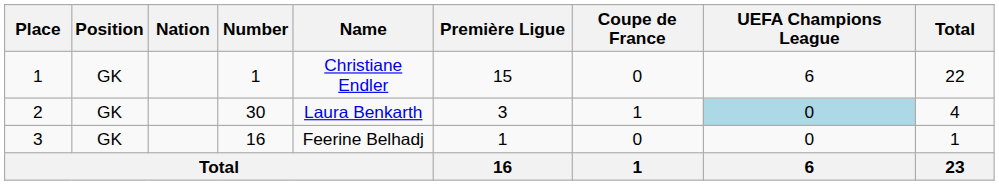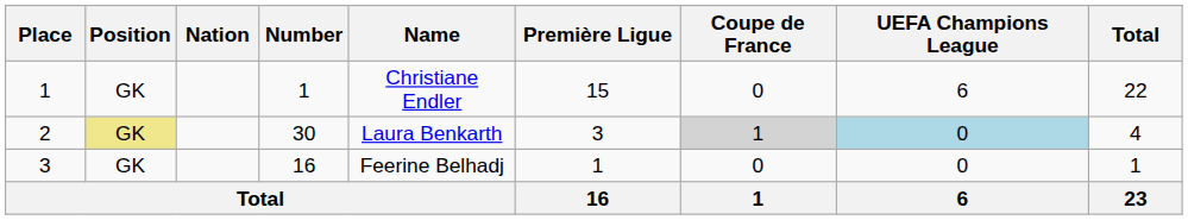 <table class="wikitable" style="font-size: 95%; text-align: center;">
 <tr>
 <th width=60>Place</th>
 <th width=60>Position</th>
 <th width=60>Nation</th>
 <th width=60>Number</th>
 <th width=150>Name</th>
 <th width=150>Première Ligue</th>
 <th width=150>Coupe de France</th>
 <th width=250>UEFA Champions League</th>
 <th width=80>Total</th>
 </tr>
 <tr>
 <td>1</td>
 <td>GK</td>
 <td></td>
 <td>1</td>
 <td><a href='#'>Christiane Endler</a></td>
 <td>15</td>
 <td>0</td>
 <td>6</td>
 <td>22</td>
 </tr>
 <tr>
 <td>2</td>
-<td>GK</td>
+<td style="background: khaki;">GK</td>
 <td></td>
 <td>30</td>
 <td><a href='#'>Laura Benkarth</a></td>
 <td>3</td>
-<td>1</td>
+<td style="background: lightgrey;">1</td>
 <td style="background: lightblue;">0</td>
 <td>4</td>
 </tr>
 <tr>
 <td>3</td>
 <td>GK</td>
 <td></td>
 <td>16</td>
 <td>Feerine Belhadj</td>
 <td>1</td>
 <td>0</td>
 <td>0</td>
 <td>1</td>
 </tr>
 <tr>
 <th colspan=5>Total</th>
 <th>16</th>
 <th>1</th>
 <th>6</th>
 <th>23</th>
 </tr>
 </table>
